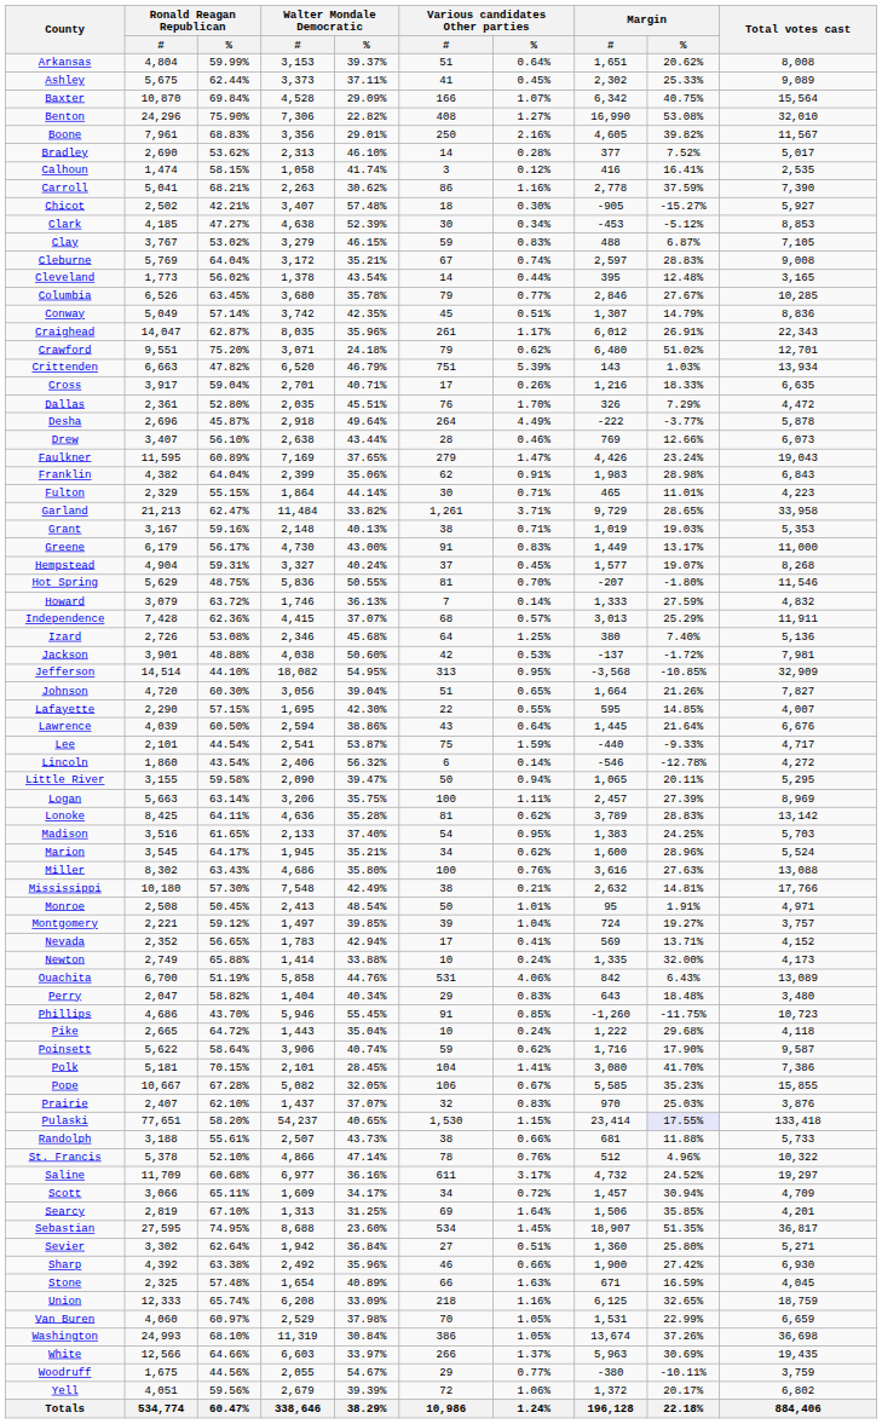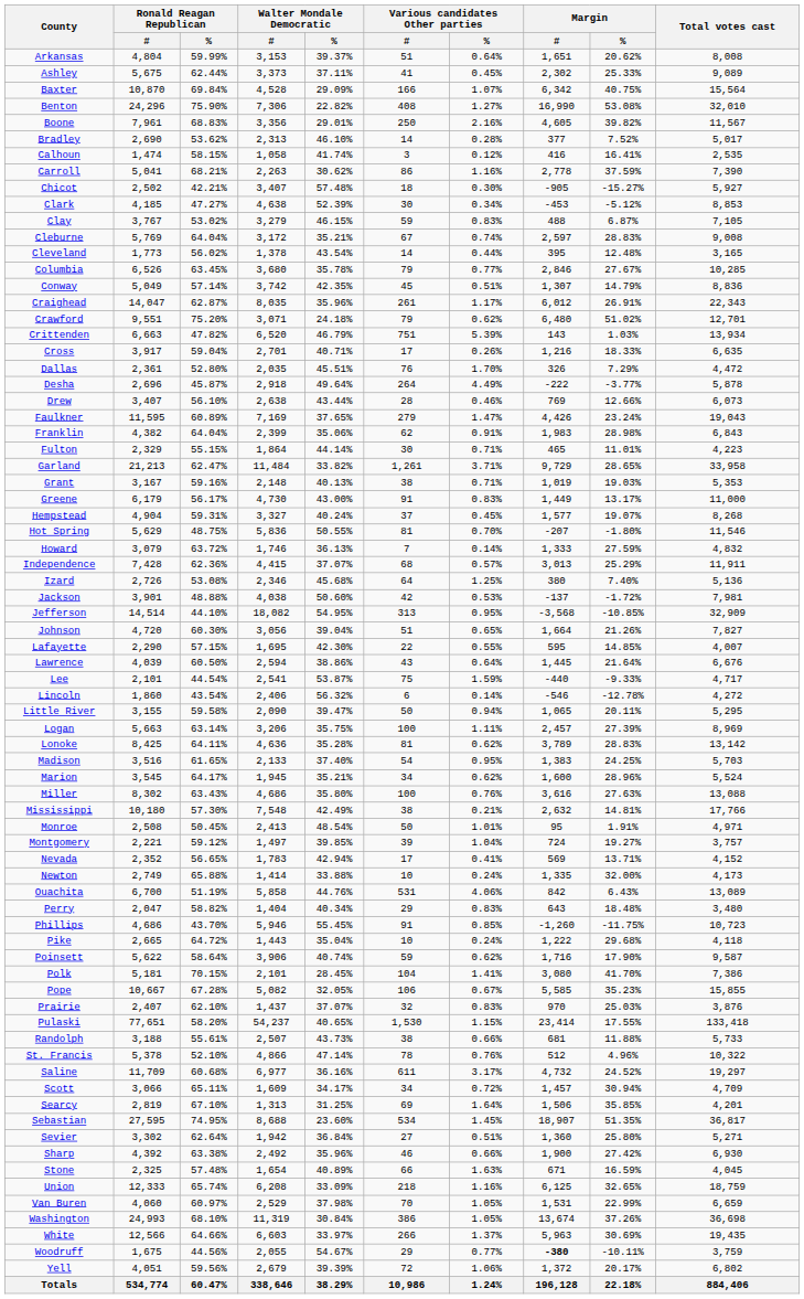 <table width="65%"  class="wikitable sortable" style="text-align:center">
 <tr>
 <th colspan="1" rowspan="2">County</th>
 <th style="text-align:center;" colspan="2">Ronald Reagan<br>Republican</th>
 <th style="text-align:center;" colspan="2">Walter Mondale<br>Democratic</th>
 <th style="text-align:center;" colspan="2">Various candidates<br>Other parties</th>
 <th style="text-align:center;" colspan="2">Margin</th>
 <th colspan="1" rowspan="2" style="text-align:center;">Total votes cast</th>
 </tr>
 <tr>
 <th style="text-align:center;" data-sort-type="number">#</th>
 <th style="text-align:center;" data-sort-type="number">%</th>
 <th style="text-align:center;" data-sort-type="number">#</th>
 <th style="text-align:center;" data-sort-type="number">%</th>
 <th style="text-align:center;" data-sort-type="number">#</th>
 <th style="text-align:center;" data-sort-type="number">%</th>
 <th style="text-align:center;" data-sort-type="number">#</th>
 <th style="text-align:center;" data-sort-type="number">%</th>
 </tr>
 <tr style="text-align:center;">
 <td><a href='#'>Arkansas</a></td>
 <td>4,804</td>
 <td>59.99%</td>
 <td>3,153</td>
 <td>39.37%</td>
 <td>51</td>
 <td>0.64%</td>
 <td>1,651</td>
 <td>20.62%</td>
 <td>8,008</td>
 </tr>
 <tr style="text-align:center;">
 <td><a href='#'>Ashley</a></td>
 <td>5,675</td>
 <td>62.44%</td>
 <td>3,373</td>
 <td>37.11%</td>
 <td>41</td>
 <td>0.45%</td>
 <td>2,302</td>
 <td>25.33%</td>
 <td>9,089</td>
 </tr>
 <tr style="text-align:center;">
 <td><a href='#'>Baxter</a></td>
 <td>10,870</td>
 <td>69.84%</td>
 <td>4,528</td>
 <td>29.09%</td>
 <td>166</td>
 <td>1.07%</td>
 <td>6,342</td>
 <td>40.75%</td>
 <td>15,564</td>
 </tr>
 <tr style="text-align:center;">
 <td><a href='#'>Benton</a></td>
 <td>24,296</td>
 <td>75.90%</td>
 <td>7,306</td>
 <td>22.82%</td>
 <td>408</td>
 <td>1.27%</td>
 <td>16,990</td>
 <td>53.08%</td>
 <td>32,010</td>
 </tr>
 <tr style="text-align:center;">
 <td><a href='#'>Boone</a></td>
 <td>7,961</td>
 <td>68.83%</td>
 <td>3,356</td>
 <td>29.01%</td>
 <td>250</td>
 <td>2.16%</td>
 <td>4,605</td>
 <td>39.82%</td>
 <td>11,567</td>
 </tr>
 <tr style="text-align:center;">
 <td><a href='#'>Bradley</a></td>
 <td>2,690</td>
 <td>53.62%</td>
 <td>2,313</td>
 <td>46.10%</td>
 <td>14</td>
 <td>0.28%</td>
 <td>377</td>
 <td>7.52%</td>
 <td>5,017</td>
 </tr>
 <tr style="text-align:center;">
 <td><a href='#'>Calhoun</a></td>
 <td>1,474</td>
 <td>58.15%</td>
 <td>1,058</td>
 <td>41.74%</td>
 <td>3</td>
 <td>0.12%</td>
 <td>416</td>
 <td>16.41%</td>
 <td>2,535</td>
 </tr>
 <tr style="text-align:center;">
 <td><a href='#'>Carroll</a></td>
 <td>5,041</td>
 <td>68.21%</td>
 <td>2,263</td>
 <td>30.62%</td>
 <td>86</td>
 <td>1.16%</td>
 <td>2,778</td>
 <td>37.59%</td>
 <td>7,390</td>
 </tr>
 <tr style="text-align:center;">
 <td><a href='#'>Chicot</a></td>
 <td>2,502</td>
 <td>42.21%</td>
 <td>3,407</td>
 <td>57.48%</td>
 <td>18</td>
 <td>0.30%</td>
 <td>-905</td>
 <td>-15.27%</td>
 <td>5,927</td>
 </tr>
 <tr style="text-align:center;">
 <td><a href='#'>Clark</a></td>
 <td>4,185</td>
 <td>47.27%</td>
 <td>4,638</td>
 <td>52.39%</td>
 <td>30</td>
 <td>0.34%</td>
 <td>-453</td>
 <td>-5.12%</td>
 <td>8,853</td>
 </tr>
 <tr style="text-align:center;">
 <td><a href='#'>Clay</a></td>
 <td>3,767</td>
 <td>53.02%</td>
 <td>3,279</td>
 <td>46.15%</td>
 <td>59</td>
 <td>0.83%</td>
 <td>488</td>
 <td>6.87%</td>
 <td>7,105</td>
 </tr>
 <tr style="text-align:center;">
 <td><a href='#'>Cleburne</a></td>
 <td>5,769</td>
 <td>64.04%</td>
 <td>3,172</td>
 <td>35.21%</td>
 <td>67</td>
 <td>0.74%</td>
 <td>2,597</td>
 <td>28.83%</td>
 <td>9,008</td>
 </tr>
 <tr style="text-align:center;">
 <td><a href='#'>Cleveland</a></td>
 <td>1,773</td>
 <td>56.02%</td>
 <td>1,378</td>
 <td>43.54%</td>
 <td>14</td>
 <td>0.44%</td>
 <td>395</td>
 <td>12.48%</td>
 <td>3,165</td>
 </tr>
 <tr style="text-align:center;">
 <td><a href='#'>Columbia</a></td>
 <td>6,526</td>
 <td>63.45%</td>
 <td>3,680</td>
 <td>35.78%</td>
 <td>79</td>
 <td>0.77%</td>
 <td>2,846</td>
 <td>27.67%</td>
 <td>10,285</td>
 </tr>
 <tr style="text-align:center;">
 <td><a href='#'>Conway</a></td>
 <td>5,049</td>
 <td>57.14%</td>
 <td>3,742</td>
 <td>42.35%</td>
 <td>45</td>
 <td>0.51%</td>
 <td>1,307</td>
 <td>14.79%</td>
 <td>8,836</td>
 </tr>
 <tr style="text-align:center;">
 <td><a href='#'>Craighead</a></td>
 <td>14,047</td>
 <td>62.87%</td>
 <td>8,035</td>
 <td>35.96%</td>
 <td>261</td>
 <td>1.17%</td>
 <td>6,012</td>
 <td>26.91%</td>
 <td>22,343</td>
 </tr>
 <tr style="text-align:center;">
 <td><a href='#'>Crawford</a></td>
 <td>9,551</td>
 <td>75.20%</td>
 <td>3,071</td>
 <td>24.18%</td>
 <td>79</td>
 <td>0.62%</td>
 <td>6,480</td>
 <td>51.02%</td>
 <td>12,701</td>
 </tr>
 <tr style="text-align:center;">
 <td><a href='#'>Crittenden</a></td>
 <td>6,663</td>
 <td>47.82%</td>
 <td>6,520</td>
 <td>46.79%</td>
 <td>751</td>
 <td>5.39%</td>
 <td>143</td>
 <td>1.03%</td>
 <td>13,934</td>
 </tr>
 <tr style="text-align:center;">
 <td><a href='#'>Cross</a></td>
 <td>3,917</td>
 <td>59.04%</td>
 <td>2,701</td>
 <td>40.71%</td>
 <td>17</td>
 <td>0.26%</td>
 <td>1,216</td>
 <td>18.33%</td>
 <td>6,635</td>
 </tr>
 <tr style="text-align:center;">
 <td><a href='#'>Dallas</a></td>
 <td>2,361</td>
 <td>52.80%</td>
 <td>2,035</td>
 <td>45.51%</td>
 <td>76</td>
 <td>1.70%</td>
 <td>326</td>
 <td>7.29%</td>
 <td>4,472</td>
 </tr>
 <tr style="text-align:center;">
 <td><a href='#'>Desha</a></td>
 <td>2,696</td>
 <td>45.87%</td>
 <td>2,918</td>
 <td>49.64%</td>
 <td>264</td>
 <td>4.49%</td>
 <td>-222</td>
 <td>-3.77%</td>
 <td>5,878</td>
 </tr>
 <tr style="text-align:center;">
 <td><a href='#'>Drew</a></td>
 <td>3,407</td>
 <td>56.10%</td>
 <td>2,638</td>
 <td>43.44%</td>
 <td>28</td>
 <td>0.46%</td>
 <td>769</td>
 <td>12.66%</td>
 <td>6,073</td>
 </tr>
 <tr style="text-align:center;">
 <td><a href='#'>Faulkner</a></td>
 <td>11,595</td>
 <td>60.89%</td>
 <td>7,169</td>
 <td>37.65%</td>
 <td>279</td>
 <td>1.47%</td>
 <td>4,426</td>
 <td>23.24%</td>
 <td>19,043</td>
 </tr>
 <tr style="text-align:center;">
 <td><a href='#'>Franklin</a></td>
 <td>4,382</td>
 <td>64.04%</td>
 <td>2,399</td>
 <td>35.06%</td>
 <td>62</td>
 <td>0.91%</td>
 <td>1,983</td>
 <td>28.98%</td>
 <td>6,843</td>
 </tr>
 <tr style="text-align:center;">
 <td><a href='#'>Fulton</a></td>
 <td>2,329</td>
 <td>55.15%</td>
 <td>1,864</td>
 <td>44.14%</td>
 <td>30</td>
 <td>0.71%</td>
 <td>465</td>
 <td>11.01%</td>
 <td>4,223</td>
 </tr>
 <tr style="text-align:center;">
 <td><a href='#'>Garland</a></td>
 <td>21,213</td>
 <td>62.47%</td>
 <td>11,484</td>
 <td>33.82%</td>
 <td>1,261</td>
 <td>3.71%</td>
 <td>9,729</td>
 <td>28.65%</td>
 <td>33,958</td>
 </tr>
 <tr style="text-align:center;">
 <td><a href='#'>Grant</a></td>
 <td>3,167</td>
 <td>59.16%</td>
 <td>2,148</td>
 <td>40.13%</td>
 <td>38</td>
 <td>0.71%</td>
 <td>1,019</td>
 <td>19.03%</td>
 <td>5,353</td>
 </tr>
 <tr style="text-align:center;">
 <td><a href='#'>Greene</a></td>
 <td>6,179</td>
 <td>56.17%</td>
 <td>4,730</td>
 <td>43.00%</td>
 <td>91</td>
 <td>0.83%</td>
 <td>1,449</td>
 <td>13.17%</td>
 <td>11,000</td>
 </tr>
 <tr style="text-align:center;">
 <td><a href='#'>Hempstead</a></td>
 <td>4,904</td>
 <td>59.31%</td>
 <td>3,327</td>
 <td>40.24%</td>
 <td>37</td>
 <td>0.45%</td>
 <td>1,577</td>
 <td>19.07%</td>
 <td>8,268</td>
 </tr>
 <tr style="text-align:center;">
 <td><a href='#'>Hot Spring</a></td>
 <td>5,629</td>
 <td>48.75%</td>
 <td>5,836</td>
 <td>50.55%</td>
 <td>81</td>
 <td>0.70%</td>
 <td>-207</td>
 <td>-1.80%</td>
 <td>11,546</td>
 </tr>
 <tr style="text-align:center;">
 <td><a href='#'>Howard</a></td>
 <td>3,079</td>
 <td>63.72%</td>
 <td>1,746</td>
 <td>36.13%</td>
 <td>7</td>
 <td>0.14%</td>
 <td>1,333</td>
 <td>27.59%</td>
 <td>4,832</td>
 </tr>
 <tr style="text-align:center;">
 <td><a href='#'>Independence</a></td>
 <td>7,428</td>
 <td>62.36%</td>
 <td>4,415</td>
 <td>37.07%</td>
 <td>68</td>
 <td>0.57%</td>
 <td>3,013</td>
 <td>25.29%</td>
 <td>11,911</td>
 </tr>
 <tr style="text-align:center;">
 <td><a href='#'>Izard</a></td>
 <td>2,726</td>
 <td>53.08%</td>
 <td>2,346</td>
 <td>45.68%</td>
 <td>64</td>
 <td>1.25%</td>
 <td>380</td>
 <td>7.40%</td>
 <td>5,136</td>
 </tr>
 <tr style="text-align:center;">
 <td><a href='#'>Jackson</a></td>
 <td>3,901</td>
 <td>48.88%</td>
 <td>4,038</td>
 <td>50.60%</td>
 <td>42</td>
 <td>0.53%</td>
 <td>-137</td>
 <td>-1.72%</td>
 <td>7,981</td>
 </tr>
 <tr style="text-align:center;">
 <td><a href='#'>Jefferson</a></td>
 <td>14,514</td>
 <td>44.10%</td>
 <td>18,082</td>
 <td>54.95%</td>
 <td>313</td>
 <td>0.95%</td>
 <td>-3,568</td>
 <td>-10.85%</td>
 <td>32,909</td>
 </tr>
 <tr style="text-align:center;">
 <td><a href='#'>Johnson</a></td>
 <td>4,720</td>
 <td>60.30%</td>
 <td>3,056</td>
 <td>39.04%</td>
 <td>51</td>
 <td>0.65%</td>
 <td>1,664</td>
 <td>21.26%</td>
 <td>7,827</td>
 </tr>
 <tr style="text-align:center;">
 <td><a href='#'>Lafayette</a></td>
 <td>2,290</td>
 <td>57.15%</td>
 <td>1,695</td>
 <td>42.30%</td>
 <td>22</td>
 <td>0.55%</td>
 <td>595</td>
 <td>14.85%</td>
 <td>4,007</td>
 </tr>
 <tr style="text-align:center;">
 <td><a href='#'>Lawrence</a></td>
 <td>4,039</td>
 <td>60.50%</td>
 <td>2,594</td>
 <td>38.86%</td>
 <td>43</td>
 <td>0.64%</td>
 <td>1,445</td>
 <td>21.64%</td>
 <td>6,676</td>
 </tr>
 <tr style="text-align:center;">
 <td><a href='#'>Lee</a></td>
 <td>2,101</td>
 <td>44.54%</td>
 <td>2,541</td>
 <td>53.87%</td>
 <td>75</td>
 <td>1.59%</td>
 <td>-440</td>
 <td>-9.33%</td>
 <td>4,717</td>
 </tr>
 <tr style="text-align:center;">
 <td><a href='#'>Lincoln</a></td>
 <td>1,860</td>
 <td>43.54%</td>
 <td>2,406</td>
 <td>56.32%</td>
 <td>6</td>
 <td>0.14%</td>
 <td>-546</td>
 <td>-12.78%</td>
 <td>4,272</td>
 </tr>
 <tr style="text-align:center;">
 <td><a href='#'>Little River</a></td>
 <td>3,155</td>
 <td>59.58%</td>
 <td>2,090</td>
 <td>39.47%</td>
 <td>50</td>
 <td>0.94%</td>
 <td>1,065</td>
 <td>20.11%</td>
 <td>5,295</td>
 </tr>
 <tr style="text-align:center;">
 <td><a href='#'>Logan</a></td>
 <td>5,663</td>
 <td>63.14%</td>
 <td>3,206</td>
 <td>35.75%</td>
 <td>100</td>
 <td>1.11%</td>
 <td>2,457</td>
 <td>27.39%</td>
 <td>8,969</td>
 </tr>
 <tr style="text-align:center;">
 <td><a href='#'>Lonoke</a></td>
 <td>8,425</td>
 <td>64.11%</td>
 <td>4,636</td>
 <td>35.28%</td>
 <td>81</td>
 <td>0.62%</td>
 <td>3,789</td>
 <td>28.83%</td>
 <td>13,142</td>
 </tr>
 <tr style="text-align:center;">
 <td><a href='#'>Madison</a></td>
 <td>3,516</td>
 <td>61.65%</td>
 <td>2,133</td>
 <td>37.40%</td>
 <td>54</td>
 <td>0.95%</td>
 <td>1,383</td>
 <td>24.25%</td>
 <td>5,703</td>
 </tr>
 <tr style="text-align:center;">
 <td><a href='#'>Marion</a></td>
 <td>3,545</td>
 <td>64.17%</td>
 <td>1,945</td>
 <td>35.21%</td>
 <td>34</td>
 <td>0.62%</td>
 <td>1,600</td>
 <td>28.96%</td>
 <td>5,524</td>
 </tr>
 <tr style="text-align:center;">
 <td><a href='#'>Miller</a></td>
 <td>8,302</td>
 <td>63.43%</td>
 <td>4,686</td>
 <td>35.80%</td>
 <td>100</td>
 <td>0.76%</td>
 <td>3,616</td>
 <td>27.63%</td>
 <td>13,088</td>
 </tr>
 <tr style="text-align:center;">
 <td><a href='#'>Mississippi</a></td>
 <td>10,180</td>
 <td>57.30%</td>
 <td>7,548</td>
 <td>42.49%</td>
 <td>38</td>
 <td>0.21%</td>
 <td>2,632</td>
 <td>14.81%</td>
 <td>17,766</td>
 </tr>
 <tr style="text-align:center;">
 <td><a href='#'>Monroe</a></td>
 <td>2,508</td>
 <td>50.45%</td>
 <td>2,413</td>
 <td>48.54%</td>
 <td>50</td>
 <td>1.01%</td>
 <td>95</td>
 <td>1.91%</td>
 <td>4,971</td>
 </tr>
 <tr style="text-align:center;">
 <td><a href='#'>Montgomery</a></td>
 <td>2,221</td>
 <td>59.12%</td>
 <td>1,497</td>
 <td>39.85%</td>
 <td>39</td>
 <td>1.04%</td>
 <td>724</td>
 <td>19.27%</td>
 <td>3,757</td>
 </tr>
 <tr style="text-align:center;">
 <td><a href='#'>Nevada</a></td>
 <td>2,352</td>
 <td>56.65%</td>
 <td>1,783</td>
 <td>42.94%</td>
 <td>17</td>
 <td>0.41%</td>
 <td>569</td>
 <td>13.71%</td>
 <td>4,152</td>
 </tr>
 <tr style="text-align:center;">
 <td><a href='#'>Newton</a></td>
 <td>2,749</td>
 <td>65.88%</td>
 <td>1,414</td>
 <td>33.88%</td>
 <td>10</td>
 <td>0.24%</td>
 <td>1,335</td>
 <td>32.00%</td>
 <td>4,173</td>
 </tr>
 <tr style="text-align:center;">
 <td><a href='#'>Ouachita</a></td>
 <td>6,700</td>
 <td>51.19%</td>
 <td>5,858</td>
 <td>44.76%</td>
 <td>531</td>
 <td>4.06%</td>
 <td>842</td>
 <td>6.43%</td>
 <td>13,089</td>
 </tr>
 <tr style="text-align:center;">
 <td><a href='#'>Perry</a></td>
 <td>2,047</td>
 <td>58.82%</td>
 <td>1,404</td>
 <td>40.34%</td>
 <td>29</td>
 <td>0.83%</td>
 <td>643</td>
 <td>18.48%</td>
 <td>3,480</td>
 </tr>
 <tr style="text-align:center;">
 <td><a href='#'>Phillips</a></td>
 <td>4,686</td>
 <td>43.70%</td>
 <td>5,946</td>
 <td>55.45%</td>
 <td>91</td>
 <td>0.85%</td>
 <td>-1,260</td>
 <td>-11.75%</td>
 <td>10,723</td>
 </tr>
 <tr style="text-align:center;">
 <td><a href='#'>Pike</a></td>
 <td>2,665</td>
 <td>64.72%</td>
 <td>1,443</td>
 <td>35.04%</td>
 <td>10</td>
 <td>0.24%</td>
 <td>1,222</td>
 <td>29.68%</td>
 <td>4,118</td>
 </tr>
 <tr style="text-align:center;">
 <td><a href='#'>Poinsett</a></td>
 <td>5,622</td>
 <td>58.64%</td>
 <td>3,906</td>
 <td>40.74%</td>
 <td>59</td>
 <td>0.62%</td>
 <td>1,716</td>
 <td>17.90%</td>
 <td>9,587</td>
 </tr>
 <tr style="text-align:center;">
 <td><a href='#'>Polk</a></td>
 <td>5,181</td>
 <td>70.15%</td>
 <td>2,101</td>
 <td>28.45%</td>
 <td>104</td>
 <td>1.41%</td>
 <td>3,080</td>
 <td>41.70%</td>
 <td>7,386</td>
 </tr>
 <tr style="text-align:center;">
 <td><a href='#'>Pope</a></td>
 <td>10,667</td>
 <td>67.28%</td>
 <td>5,082</td>
 <td>32.05%</td>
 <td>106</td>
 <td>0.67%</td>
 <td>5,585</td>
 <td>35.23%</td>
 <td>15,855</td>
 </tr>
 <tr style="text-align:center;">
 <td><a href='#'>Prairie</a></td>
 <td>2,407</td>
 <td>62.10%</td>
 <td>1,437</td>
 <td>37.07%</td>
 <td>32</td>
 <td>0.83%</td>
 <td>970</td>
 <td>25.03%</td>
 <td>3,876</td>
 </tr>
 <tr style="text-align:center;">
 <td><a href='#'>Pulaski</a></td>
 <td>77,651</td>
 <td>58.20%</td>
 <td>54,237</td>
 <td>40.65%</td>
 <td>1,530</td>
 <td>1.15%</td>
 <td>23,414</td>
-<td style="background: lavender;">17.55%</td>
+<td>17.55%</td>
 <td>133,418</td>
 </tr>
 <tr style="text-align:center;">
 <td><a href='#'>Randolph</a></td>
 <td>3,188</td>
 <td>55.61%</td>
 <td>2,507</td>
 <td>43.73%</td>
 <td>38</td>
 <td>0.66%</td>
 <td>681</td>
 <td>11.88%</td>
 <td>5,733</td>
 </tr>
 <tr style="text-align:center;">
 <td><a href='#'>St. Francis</a></td>
 <td>5,378</td>
 <td>52.10%</td>
 <td>4,866</td>
 <td>47.14%</td>
 <td>78</td>
 <td>0.76%</td>
 <td>512</td>
 <td>4.96%</td>
 <td>10,322</td>
 </tr>
 <tr style="text-align:center;">
 <td><a href='#'>Saline</a></td>
 <td>11,709</td>
 <td>60.68%</td>
 <td>6,977</td>
 <td>36.16%</td>
 <td>611</td>
 <td>3.17%</td>
 <td>4,732</td>
 <td>24.52%</td>
 <td>19,297</td>
 </tr>
 <tr style="text-align:center;">
 <td><a href='#'>Scott</a></td>
 <td>3,066</td>
 <td>65.11%</td>
 <td>1,609</td>
 <td>34.17%</td>
 <td>34</td>
 <td>0.72%</td>
 <td>1,457</td>
 <td>30.94%</td>
 <td>4,709</td>
 </tr>
 <tr style="text-align:center;">
 <td><a href='#'>Searcy</a></td>
 <td>2,819</td>
 <td>67.10%</td>
 <td>1,313</td>
 <td>31.25%</td>
 <td>69</td>
 <td>1.64%</td>
 <td>1,506</td>
 <td>35.85%</td>
 <td>4,201</td>
 </tr>
 <tr style="text-align:center;">
 <td><a href='#'>Sebastian</a></td>
 <td>27,595</td>
 <td>74.95%</td>
 <td>8,688</td>
 <td>23.60%</td>
 <td>534</td>
 <td>1.45%</td>
 <td>18,907</td>
 <td>51.35%</td>
 <td>36,817</td>
 </tr>
 <tr style="text-align:center;">
 <td><a href='#'>Sevier</a></td>
 <td>3,302</td>
 <td>62.64%</td>
 <td>1,942</td>
 <td>36.84%</td>
 <td>27</td>
 <td>0.51%</td>
 <td>1,360</td>
 <td>25.80%</td>
 <td>5,271</td>
 </tr>
 <tr style="text-align:center;">
 <td><a href='#'>Sharp</a></td>
 <td>4,392</td>
 <td>63.38%</td>
 <td>2,492</td>
 <td>35.96%</td>
 <td>46</td>
 <td>0.66%</td>
 <td>1,900</td>
 <td>27.42%</td>
 <td>6,930</td>
 </tr>
 <tr style="text-align:center;">
 <td><a href='#'>Stone</a></td>
 <td>2,325</td>
 <td>57.48%</td>
 <td>1,654</td>
 <td>40.89%</td>
 <td>66</td>
 <td>1.63%</td>
 <td>671</td>
 <td>16.59%</td>
 <td>4,045</td>
 </tr>
 <tr style="text-align:center;">
 <td><a href='#'>Union</a></td>
 <td>12,333</td>
 <td>65.74%</td>
 <td>6,208</td>
 <td>33.09%</td>
 <td>218</td>
 <td>1.16%</td>
 <td>6,125</td>
 <td>32.65%</td>
 <td>18,759</td>
 </tr>
 <tr style="text-align:center;">
 <td><a href='#'>Van Buren</a></td>
 <td>4,060</td>
 <td>60.97%</td>
 <td>2,529</td>
 <td>37.98%</td>
 <td>70</td>
 <td>1.05%</td>
 <td>1,531</td>
 <td>22.99%</td>
 <td>6,659</td>
 </tr>
 <tr style="text-align:center;">
 <td><a href='#'>Washington</a></td>
 <td>24,993</td>
 <td>68.10%</td>
 <td>11,319</td>
 <td>30.84%</td>
 <td>386</td>
 <td>1.05%</td>
 <td>13,674</td>
 <td>37.26%</td>
 <td>36,698</td>
 </tr>
 <tr style="text-align:center;">
 <td><a href='#'>White</a></td>
 <td>12,566</td>
 <td>64.66%</td>
 <td>6,603</td>
 <td>33.97%</td>
 <td>266</td>
 <td>1.37%</td>
 <td>5,963</td>
 <td>30.69%</td>
 <td>19,435</td>
 </tr>
 <tr style="text-align:center;">
 <td><a href='#'>Woodruff</a></td>
 <td>1,675</td>
 <td>44.56%</td>
 <td>2,055</td>
 <td>54.67%</td>
 <td>29</td>
 <td>0.77%</td>
-<td>-380</td>
+<td><strong>-380</strong></td>
 <td>-10.11%</td>
 <td>3,759</td>
 </tr>
 <tr style="text-align:center;">
 <td><a href='#'>Yell</a></td>
 <td>4,051</td>
 <td>59.56%</td>
 <td>2,679</td>
 <td>39.39%</td>
 <td>72</td>
 <td>1.06%</td>
 <td>1,372</td>
 <td>20.17%</td>
 <td>6,802</td>
 </tr>
 <tr style="text-align:center;">
 <th>Totals</th>
 <th>534,774</th>
 <th>60.47%</th>
 <th>338,646</th>
 <th>38.29%</th>
 <th>10,986</th>
 <th>1.24%</th>
 <th>196,128</th>
 <th>22.18%</th>
 <th>884,406</th>
 </tr>
 </table>
